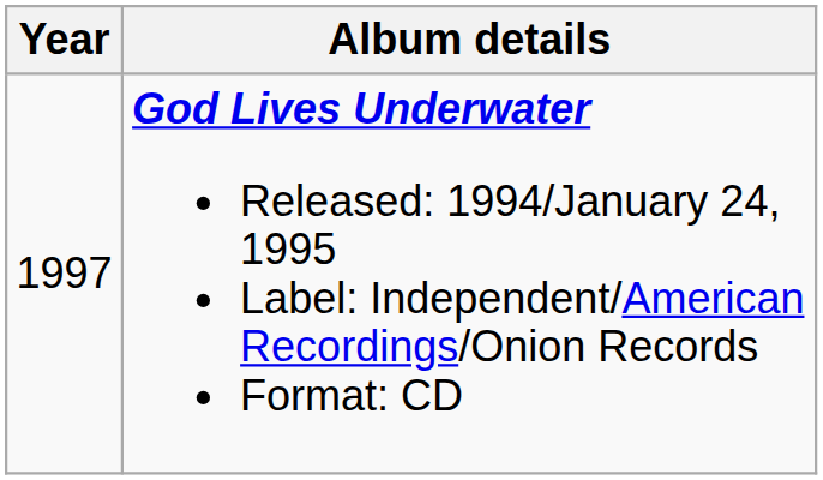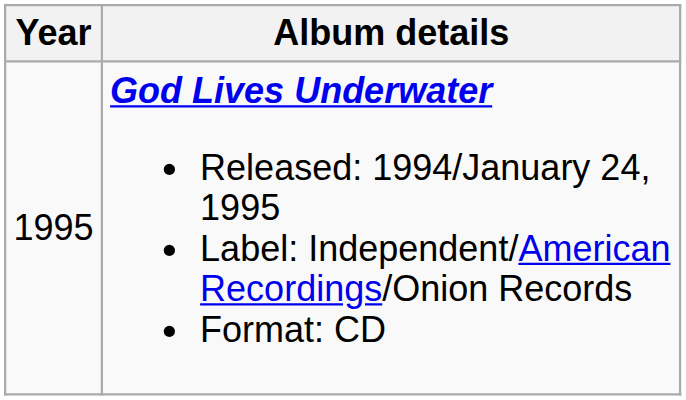 <table class="wikitable">
 <tr>
 <th rowspan="1">Year</th>
 <th rowspan="1" width="250">Album details</th>
 </tr>
 <tr>
-<td>1997</td>
+<td>1995</td>
 <td><strong><em><a href='#'>God Lives Underwater</a></em></strong><br><ul><li>Released: 1994/January 24, 1995</li><li>Label: Independent/<a href='#'>American Recordings</a>/Onion Records</li><li>Format: CD</li></ul></td>
 </tr>
 </table>
